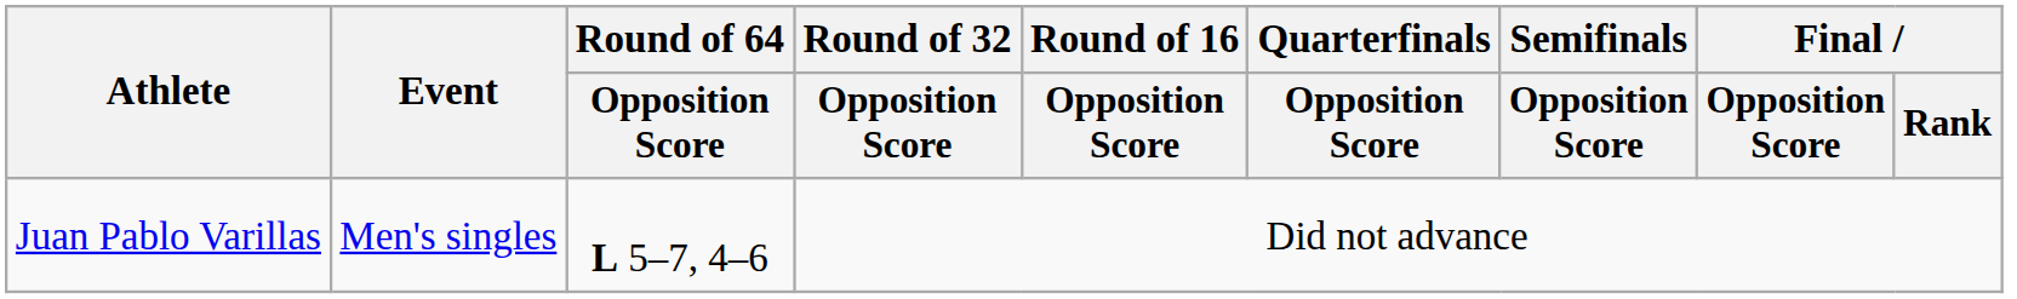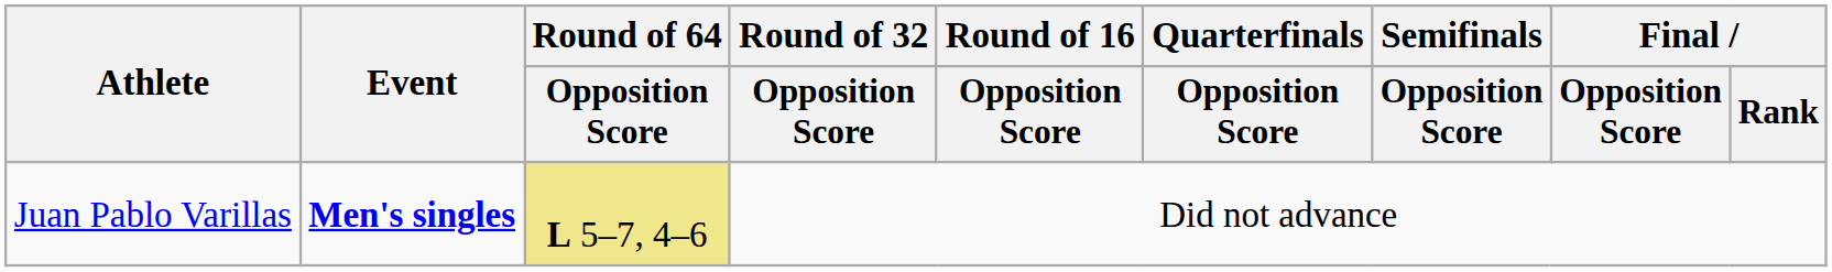 <table class=wikitable style="font-size:90%">
 <tr>
 <th rowspan="2">Athlete</th>
 <th rowspan="2">Event</th>
 <th>Round of 64</th>
 <th>Round of 32</th>
 <th>Round of 16</th>
 <th>Quarterfinals</th>
 <th>Semifinals</th>
 <th colspan=2>Final / </th>
 </tr>
 <tr style="font-size:95%">
 <th>Opposition<br>Score</th>
 <th>Opposition<br>Score</th>
 <th>Opposition<br>Score</th>
 <th>Opposition<br>Score</th>
 <th>Opposition<br>Score</th>
 <th>Opposition<br>Score</th>
 <th>Rank</th>
 </tr>
 <tr align=center>
 <td align=left><a href='#'>Juan Pablo Varillas</a></td>
-<td align=left><a href='#'>Men's singles</a></td>
-<td><br> <strong>L</strong> 5–7, 4–6</td>
+<td align=left><strong><a href='#'>Men's singles</a></strong></td>
+<td style="background: khaki;"><br> <strong>L</strong> 5–7, 4–6</td>
 <td colspan=6>Did not advance</td>
 </tr>
 </table>
